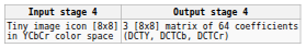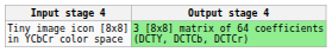 <table class="wikitable">
 <tr>
 <th>Input stage 4</th>
 <th>Output stage 4</th>
 </tr>
 <tr>
 <td>Tiny image icon [8x8]<br>in YCbCr color space</td>
-<td>3 [8x8] matrix of 64 coefficients<br>(DCTY, DCTCb, DCTCr)</td>
+<td style="background: lightgreen;">3 [8x8] matrix of 64 coefficients<br>(DCTY, DCTCb, DCTCr)</td>
 </tr>
 </table>
